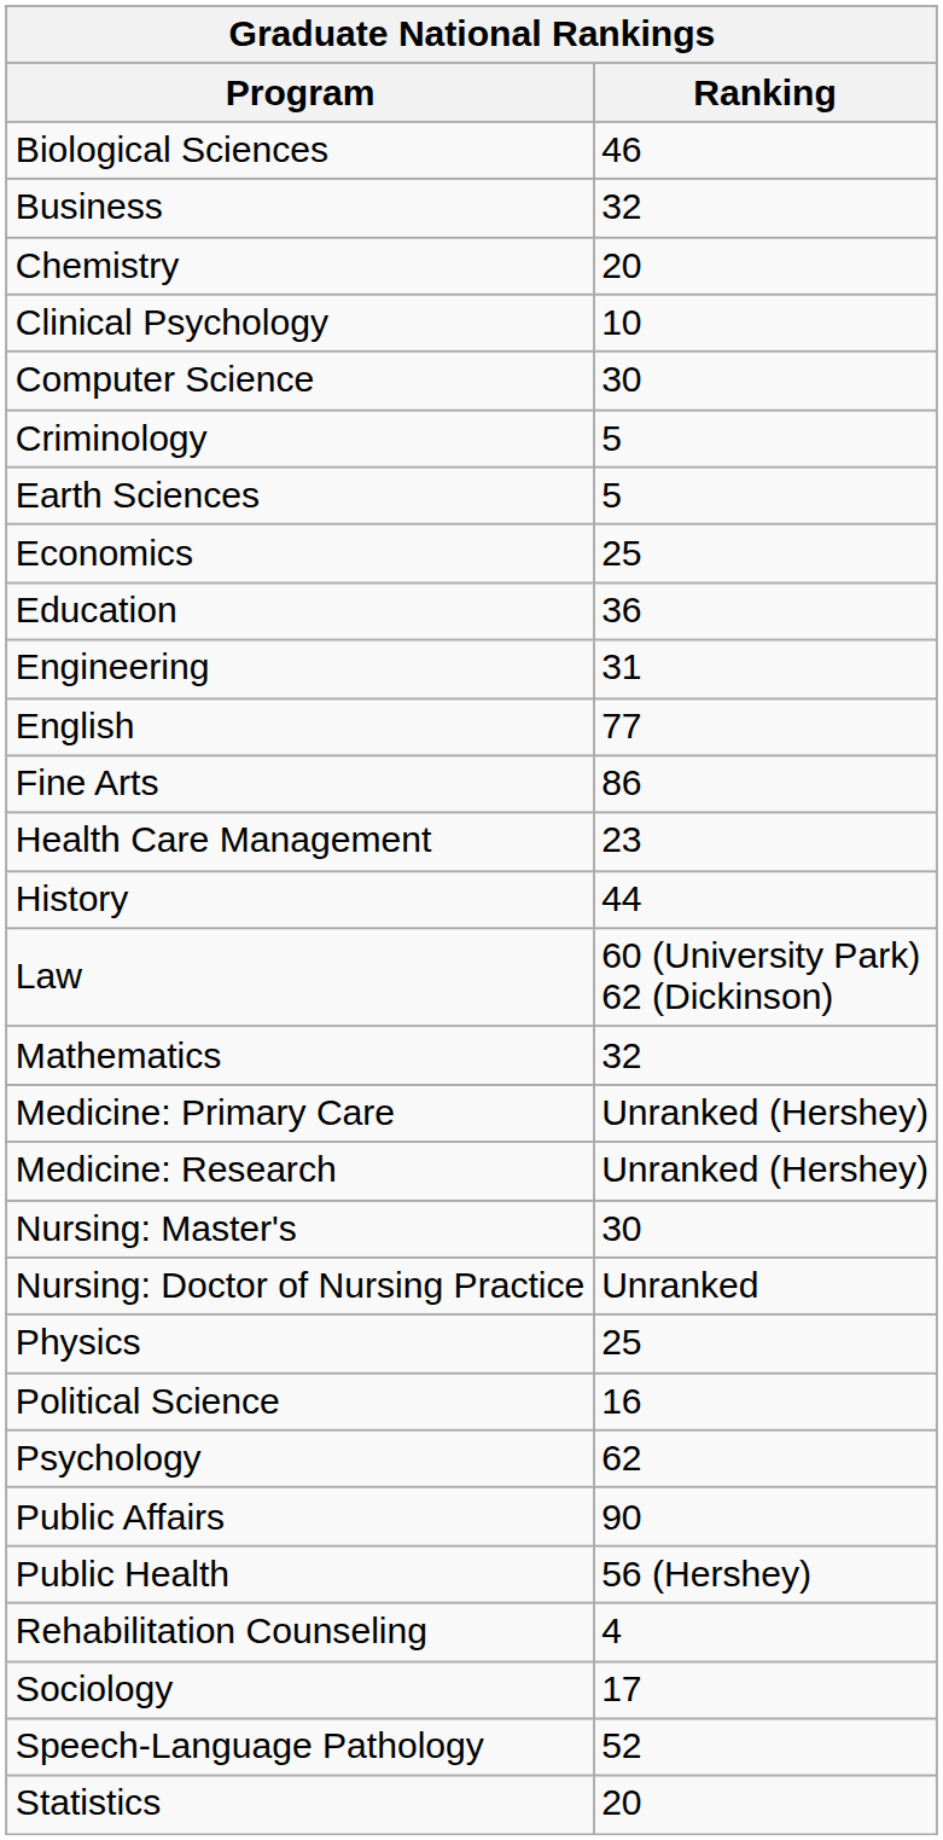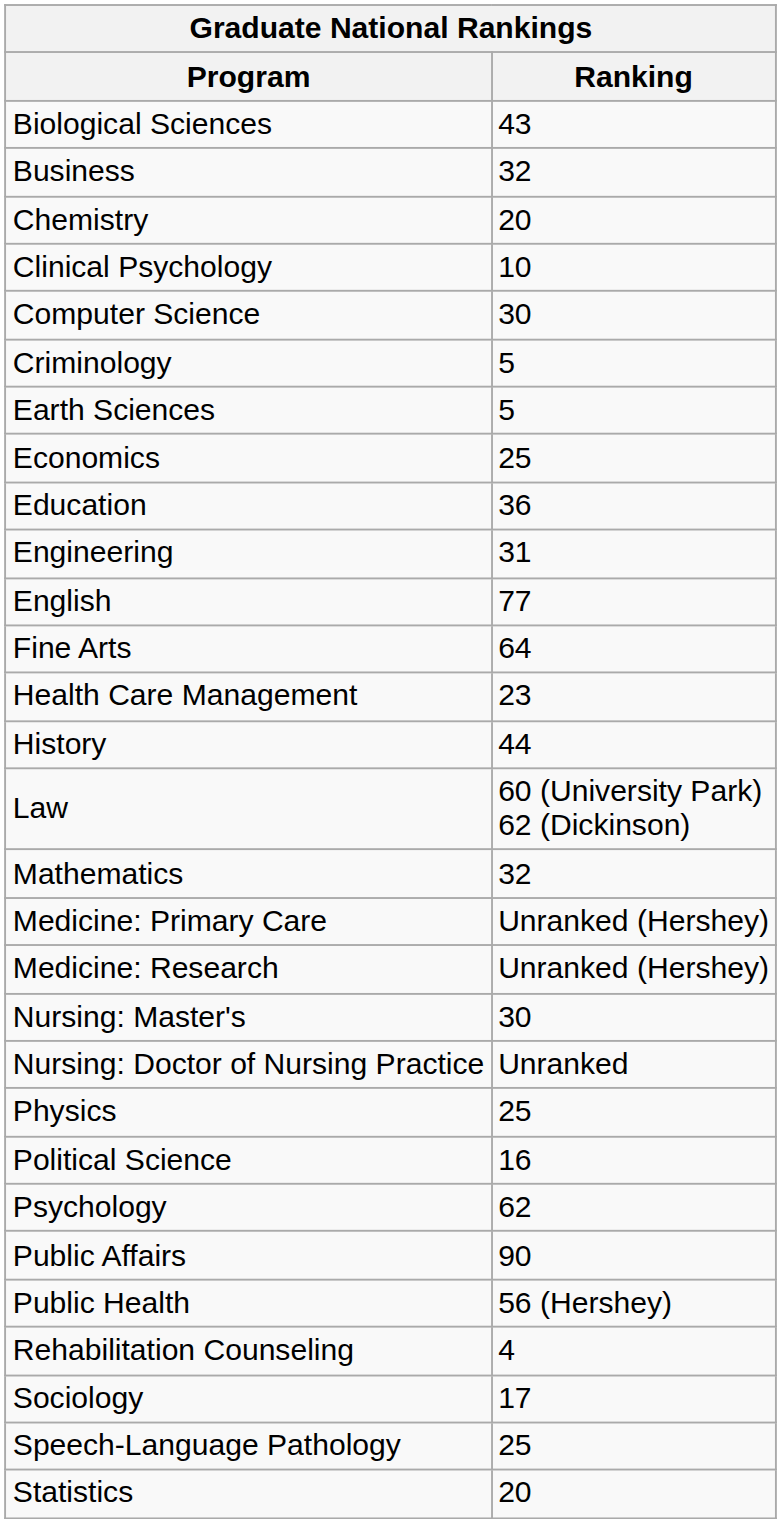 <table class="wikitable sortable collapsible collapsed" style="float:right;clear:right;" "text-align:center">
 <tr>
 <th colspan=4>Graduate National Rankings</th>
 </tr>
 <tr>
 <th>Program</th>
 <th>Ranking</th>
 </tr>
 <tr>
 <td>Biological Sciences</td>
-<td>46</td>
+<td>43</td>
 </tr>
 <tr>
 <td>Business</td>
 <td>32</td>
 </tr>
 <tr>
 <td>Chemistry</td>
 <td>20</td>
 </tr>
 <tr>
 <td>Clinical Psychology</td>
 <td>10</td>
 </tr>
 <tr>
 <td>Computer Science</td>
 <td>30</td>
 </tr>
 <tr>
 <td>Criminology</td>
 <td>5</td>
 </tr>
 <tr>
 <td>Earth Sciences</td>
 <td>5</td>
 </tr>
 <tr>
 <td>Economics</td>
 <td>25</td>
 </tr>
 <tr>
 <td>Education</td>
 <td>36</td>
 </tr>
 <tr>
 <td>Engineering</td>
 <td>31</td>
 </tr>
 <tr>
 <td>English</td>
 <td>77</td>
 </tr>
 <tr>
 <td>Fine Arts</td>
-<td>86</td>
+<td>64</td>
 </tr>
 <tr>
 <td>Health Care Management</td>
 <td>23</td>
 </tr>
 <tr>
 <td>History</td>
 <td>44</td>
 </tr>
 <tr>
 <td>Law</td>
 <td>60 (University Park)<br>62 (Dickinson)</td>
 </tr>
 <tr>
 <td>Mathematics</td>
 <td>32</td>
 </tr>
 <tr>
 <td>Medicine: Primary Care</td>
 <td>Unranked (Hershey)</td>
 </tr>
 <tr>
 <td>Medicine: Research</td>
 <td>Unranked (Hershey)</td>
 </tr>
 <tr>
 <td>Nursing: Master's</td>
 <td>30</td>
 </tr>
 <tr>
 <td>Nursing: Doctor of Nursing Practice</td>
 <td>Unranked</td>
 </tr>
 <tr>
 <td>Physics</td>
 <td>25</td>
 </tr>
 <tr>
 <td>Political Science</td>
 <td>16</td>
 </tr>
 <tr>
 <td>Psychology</td>
 <td>62</td>
 </tr>
 <tr>
 <td>Public Affairs</td>
 <td>90</td>
 </tr>
 <tr>
 <td>Public Health</td>
 <td>56 (Hershey)</td>
 </tr>
 <tr>
 <td>Rehabilitation Counseling</td>
 <td>4</td>
 </tr>
 <tr>
 <td>Sociology</td>
 <td>17</td>
 </tr>
 <tr>
 <td>Speech-Language Pathology</td>
-<td>52</td>
+<td>25</td>
 </tr>
 <tr>
 <td>Statistics</td>
 <td>20</td>
 </tr>
 </table>
